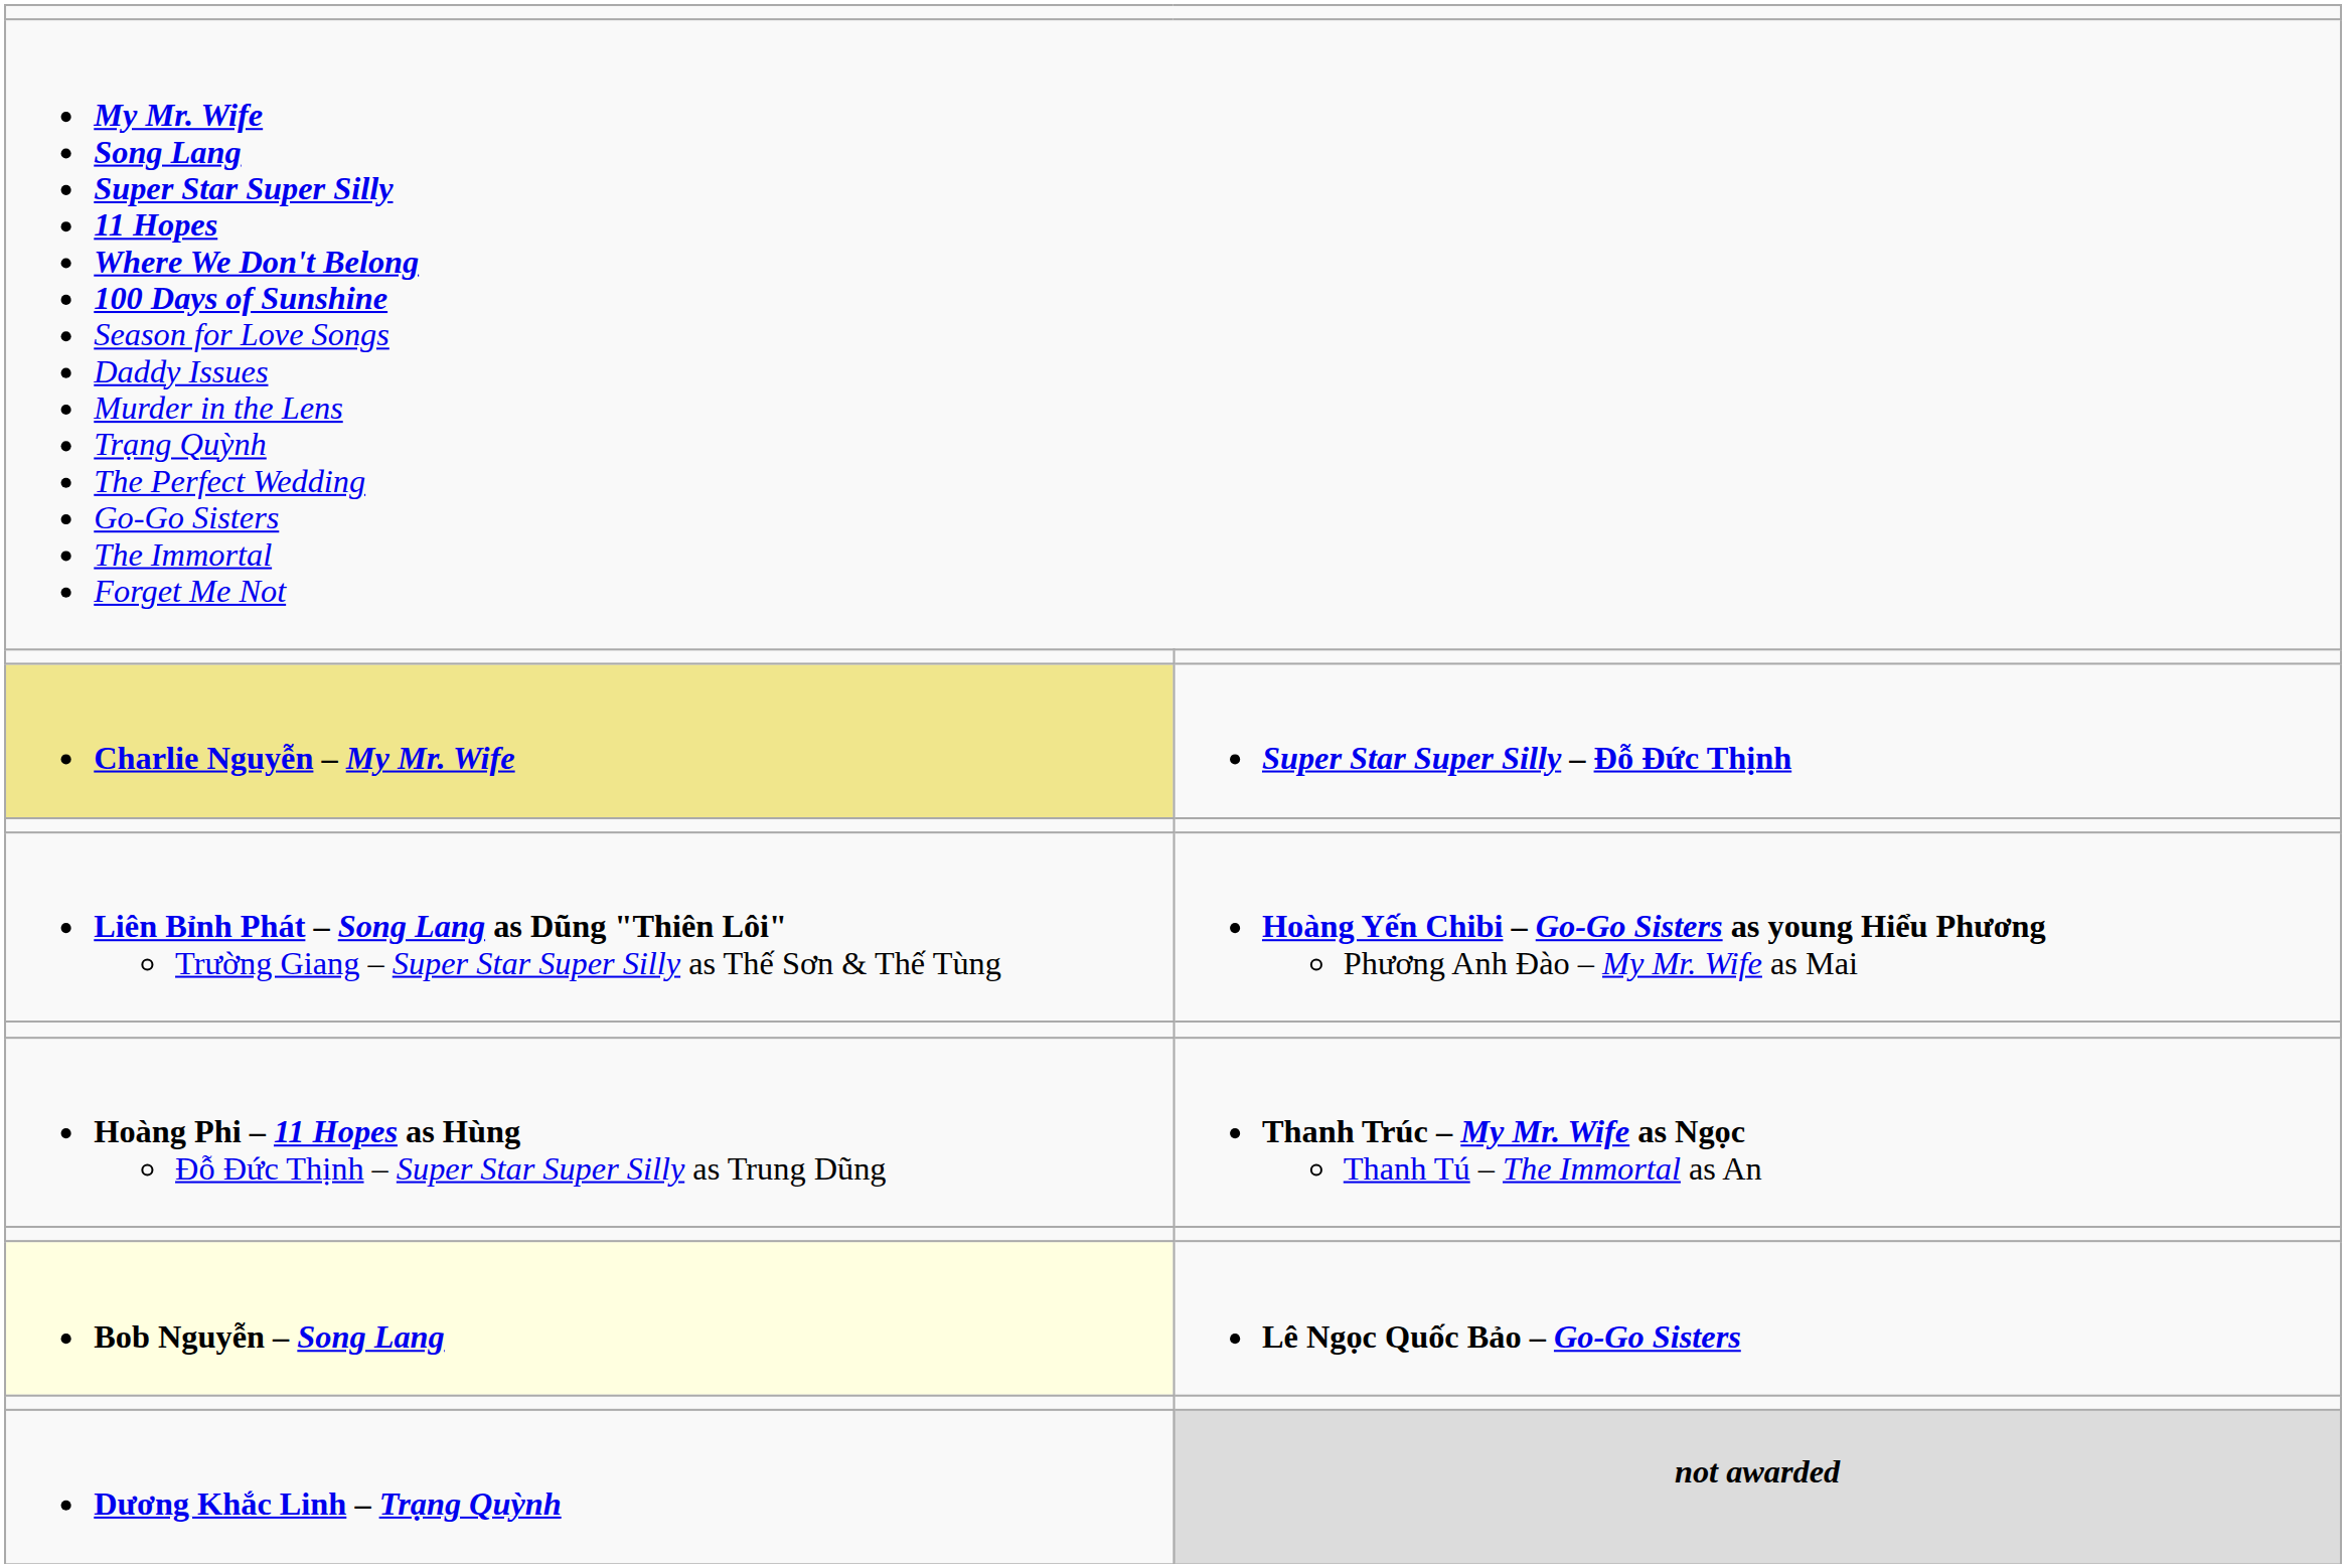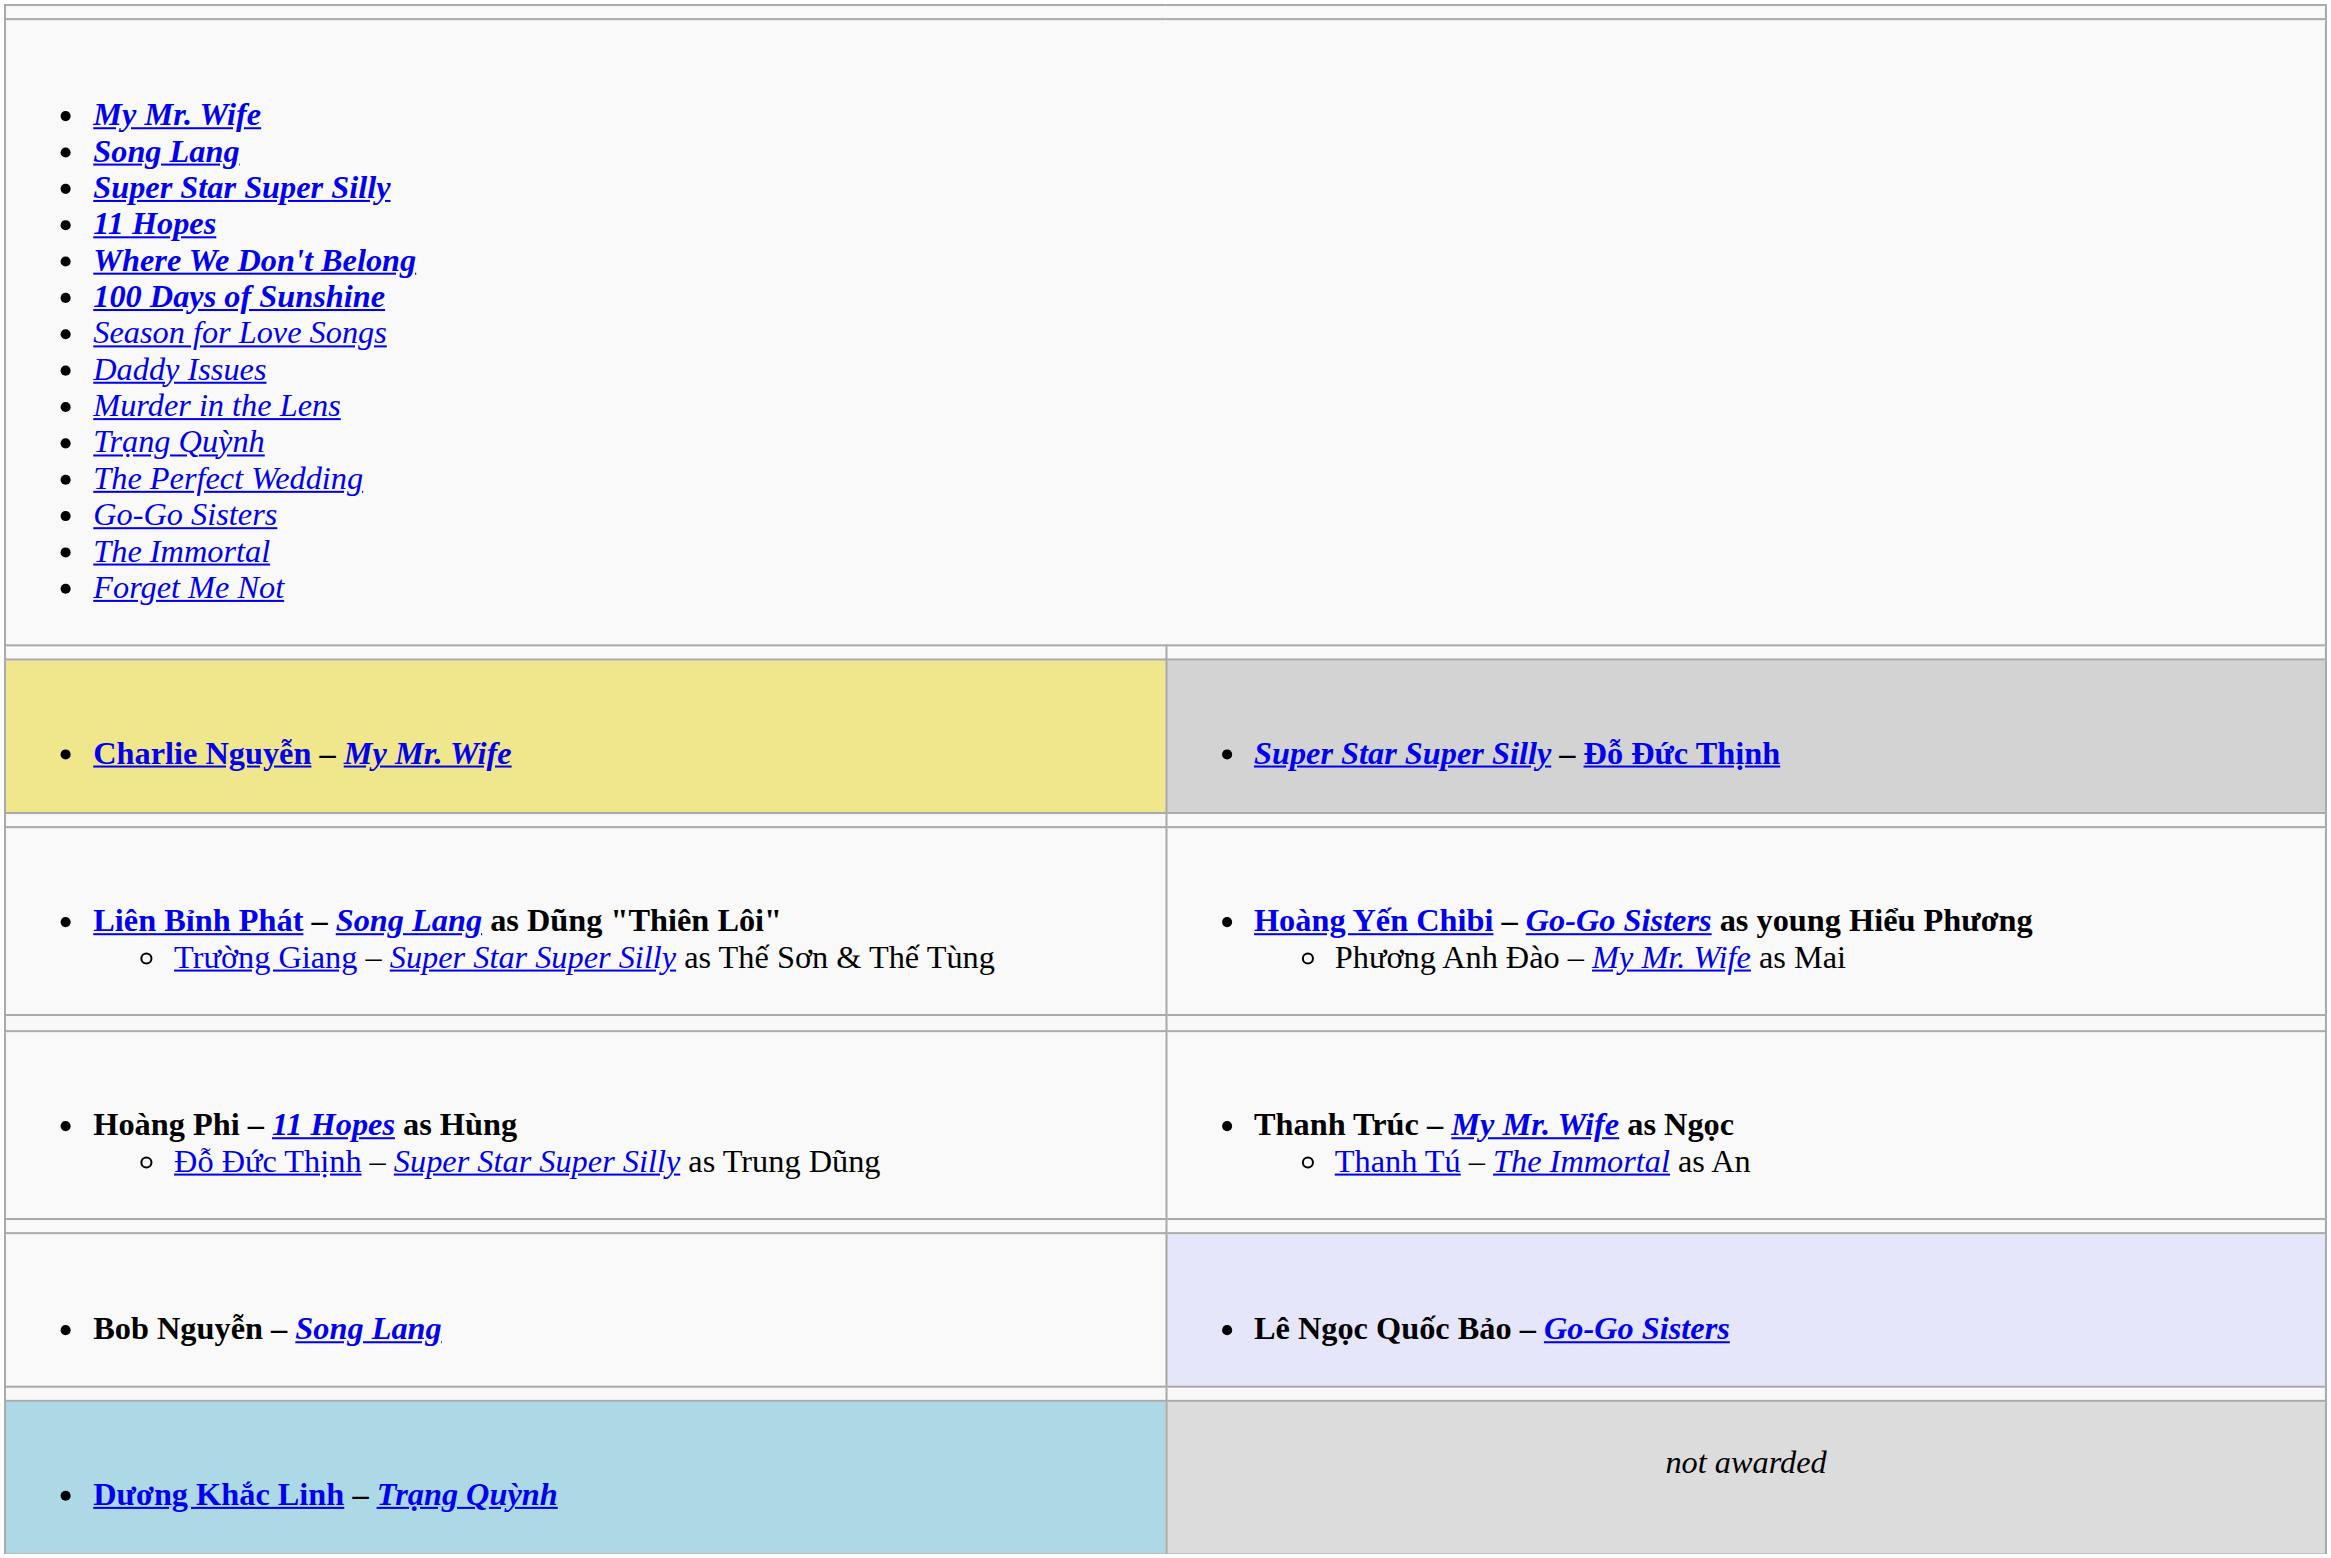 <table class="wikitable" align="center" style="width:91%">
 <tr>
 <td colspan="2" style="vertical-align:top; width:100%;"></td>
 </tr>
 <tr>
 <td colspan="2" valign="top"><br><ul><li><strong><em><span><a href='#'>My Mr. Wife</a></span></em></strong> </li><li><strong><em><span><a href='#'>Song Lang</a></span></em></strong> </li><li><strong><em><span><a href='#'>Super Star Super Silly</a></span></em></strong> </li><li><strong><em><span><a href='#'>11 Hopes</a></span></em></strong></li><li><strong><em><span><a href='#'>Where We Don't Belong</a></span></em></strong></li><li><strong><em><span><a href='#'>100 Days of Sunshine</a></span></em></strong></li><li><em><a href='#'>Season for Love Songs</a></em></li><li><em><a href='#'>Daddy Issues</a></em></li><li><em><a href='#'>Murder in the Lens</a></em></li><li><em><a href='#'>Trạng Quỳnh</a></em></li><li><em><a href='#'>The Perfect Wedding</a></em></li><li><em><a href='#'>Go-Go Sisters</a></em></li><li><em><a href='#'>The Immortal</a></em></li><li><em><a href='#'>Forget Me Not</a></em></li></ul></td>
 </tr>
 <tr>
 <td style="vertical-align:top; width:50%;"></td>
 <td style="vertical-align:top; width:50%;"></td>
 </tr>
 <tr>
 <td valign="top" style="background: khaki;"><br><ul><li><strong><a href='#'>Charlie Nguyễn</a> – <em><a href='#'>My Mr. Wife</a></em> </strong></li></ul></td>
-<td valign="top"><br><ul><li><strong> <em><a href='#'>Super Star Super Silly</a></em> – <a href='#'>Đỗ Đức Thịnh</a> </strong></li></ul></td>
+<td valign="top" style="background: lightgrey;"><br><ul><li><strong> <em><a href='#'>Super Star Super Silly</a></em> – <a href='#'>Đỗ Đức Thịnh</a> </strong></li></ul></td>
 </tr>
 <tr>
 <td style="vertical-align:top; width:50%;"></td>
 <td style="vertical-align:top; width:50%;"></td>
 </tr>
 <tr>
 <td valign="top"><br><ul><li><strong><a href='#'>Liên Bỉnh Phát</a> – <em><a href='#'>Song Lang</a></em> as Dũng "Thiên Lôi" </strong><ul><li><a href='#'>Trường Giang</a> – <em><a href='#'>Super Star Super Silly</a></em> as Thế Sơn & Thế Tùng</li></ul></li></ul></td>
 <td valign="top"><br><ul><li><strong><a href='#'>Hoàng Yến Chibi</a> – <em><a href='#'>Go-Go Sisters</a></em> as young Hiểu Phương </strong><ul><li>Phương Anh Đào – <em><a href='#'>My Mr. Wife</a></em> as Mai</li></ul></li></ul></td>
 </tr>
 <tr>
 <td style="vertical-align:top; width:50%;"></td>
 <td style="vertical-align:top; width:50%;"></td>
 </tr>
 <tr>
 <td valign="top"><br><ul><li><strong>Hoàng Phi – <em><a href='#'>11 Hopes</a></em> as Hùng </strong><ul><li><a href='#'>Đỗ Đức Thịnh</a> – <em><a href='#'>Super Star Super Silly</a></em> as Trung Dũng</li></ul></li></ul></td>
 <td valign="top"><br><ul><li><strong>Thanh Trúc – <em><a href='#'>My Mr. Wife</a></em> as Ngọc </strong><ul><li><a href='#'>Thanh Tú</a> – <em><a href='#'>The Immortal</a></em> as An</li></ul></li></ul></td>
 </tr>
 <tr>
 <td style="vertical-align:top; width:50%;"></td>
 <td style="vertical-align:top; width:50%;"></td>
 </tr>
 <tr>
-<td valign="top" style="background: lightyellow;"><br><ul><li><strong>Bob Nguyễn – <em><a href='#'>Song Lang</a></em> </strong></li></ul></td>
-<td valign="top"><br><ul><li><strong>Lê Ngọc Quốc Bảo – <em><a href='#'>Go-Go Sisters</a></em> </strong></li></ul></td>
+<td valign="top"><br><ul><li><strong>Bob Nguyễn – <em><a href='#'>Song Lang</a></em> </strong></li></ul></td>
+<td valign="top" style="background: lavender;"><br><ul><li><strong>Lê Ngọc Quốc Bảo – <em><a href='#'>Go-Go Sisters</a></em> </strong></li></ul></td>
 </tr>
 <tr>
 <td style="vertical-align:top; width:50%;"></td>
 <td style="vertical-align:top; width:50%;"></td>
 </tr>
 <tr>
-<td valign="top"><br><ul><li><strong><a href='#'>Dương Khắc Linh</a> – <em><a href='#'>Trạng Quỳnh</a></em> </strong></li></ul></td>
-<td valign="top" align=center style="background:#DCDCDC;"><strong><br><em>not awarded</em></strong></td>
+<td valign="top" style="background: lightblue;"><br><ul><li><strong><a href='#'>Dương Khắc Linh</a> – <em><a href='#'>Trạng Quỳnh</a></em> </strong></li></ul></td>
+<td valign="top" align=center style="background:#DCDCDC;"><br><em>not awarded</em></td>
 </tr>
 </table>
